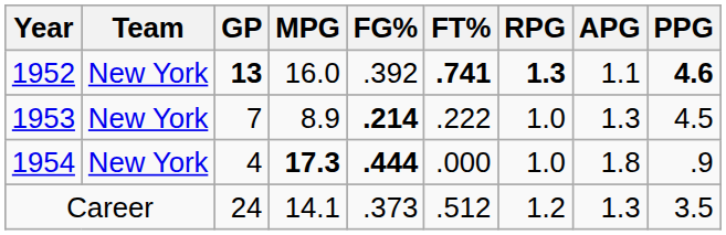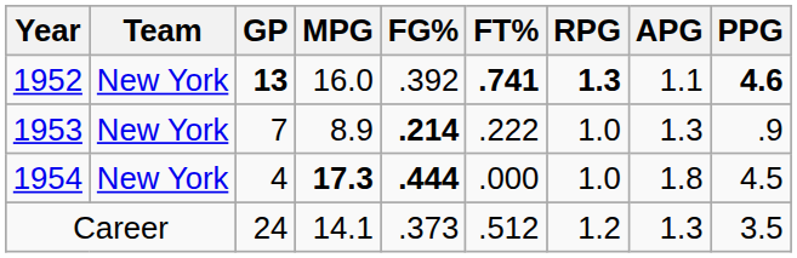 <table class="wikitable sortable" style="font-size:95%; text-align:right;">
 <tr>
 <th>Year</th>
 <th>Team</th>
 <th>GP</th>
 <th>MPG</th>
 <th>FG%</th>
 <th>FT%</th>
 <th>RPG</th>
 <th>APG</th>
 <th>PPG</th>
 </tr>
 <tr>
 <td style="text-align:left;"><a href='#'>1952</a></td>
 <td style="text-align:left;"><a href='#'>New York</a></td>
 <td><strong>13</strong></td>
 <td>16.0</td>
 <td>.392</td>
 <td><strong>.741</strong></td>
 <td><strong>1.3</strong></td>
 <td>1.1</td>
 <td><strong>4.6</strong></td>
 </tr>
 <tr>
 <td style="text-align:left;"><a href='#'>1953</a></td>
 <td style="text-align:left;"><a href='#'>New York</a></td>
 <td>7</td>
 <td>8.9</td>
 <td><strong>.214</strong></td>
 <td>.222</td>
 <td>1.0</td>
 <td>1.3</td>
-<td>4.5</td>
+<td>.9</td>
 </tr>
 <tr>
 <td style="text-align:left;"><a href='#'>1954</a></td>
 <td style="text-align:left;"><a href='#'>New York</a></td>
 <td>4</td>
 <td><strong>17.3</strong></td>
 <td><strong>.444</strong></td>
 <td>.000</td>
 <td>1.0</td>
 <td>1.8</td>
-<td>.9</td>
+<td>4.5</td>
 </tr>
 <tr>
 <td colspan="2" style="text-align:center;">Career</td>
 <td>24</td>
 <td>14.1</td>
 <td>.373</td>
 <td>.512</td>
 <td>1.2</td>
 <td>1.3</td>
 <td>3.5</td>
 </tr>
 </table>
